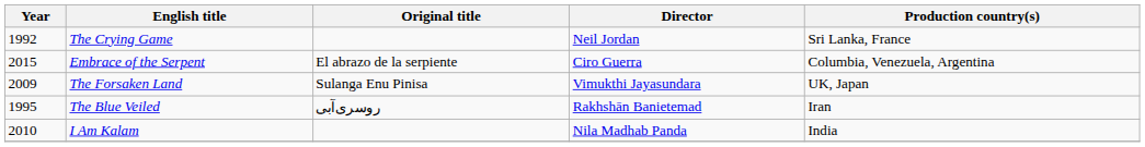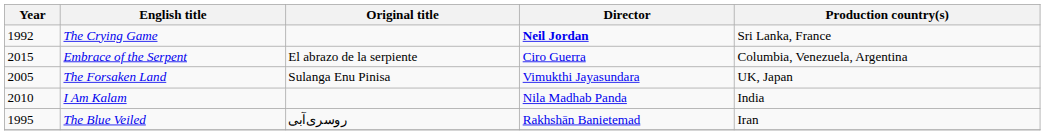 <table class="sortable wikitable" style="width:100%; margin-bottom:4px" cellpadding="5">
 <tr>
 <th scope="col">Year</th>
 <th scope="col">English title</th>
 <th scope="col">Original title</th>
 <th scope="col">Director</th>
 <th scope="col">Production country(s)</th>
 </tr>
 <tr>
 <td>1992</td>
 <td><em><a href='#'>The Crying Game</a></em></td>
 <td></td>
-<td><a href='#'>Neil Jordan</a></td>
+<td><strong><a href='#'>Neil Jordan</a></strong></td>
 <td>Sri Lanka, France</td>
 </tr>
 <tr>
 <td>2015</td>
 <td><em><a href='#'>Embrace of the Serpent</a></em></td>
 <td>El abrazo de la serpiente</td>
 <td><a href='#'>Ciro Guerra</a></td>
 <td>Columbia, Venezuela, Argentina</td>
 </tr>
 <tr>
-<td>2009</td>
+<td>2005</td>
 <td><em><a href='#'>The Forsaken Land</a></em></td>
 <td>Sulanga Enu Pinisa</td>
 <td><a href='#'>Vimukthi Jayasundara</a></td>
 <td>UK, Japan</td>
+</tr>
+<tr>
+<td>2010</td>
+<td><em><a href='#'>I Am Kalam</a></em></td>
+<td></td>
+<td><a href='#'>Nila Madhab Panda</a></td>
+<td>India</td>
 </tr>
 <tr>
 <td>1995</td>
 <td><em><a href='#'>The Blue Veiled</a></em></td>
 <td>روسری‌آبی</td>
 <td><a href='#'>Rakhshān Banietemad</a></td>
 <td>Iran</td>
 </tr>
 <tr>
-<td>2010</td>
-<td><em><a href='#'>I Am Kalam</a></em></td>
-<td></td>
-<td><a href='#'>Nila Madhab Panda</a></td>
-<td>India</td>
-</tr>
-<tr>
 </tr>
 </table>
